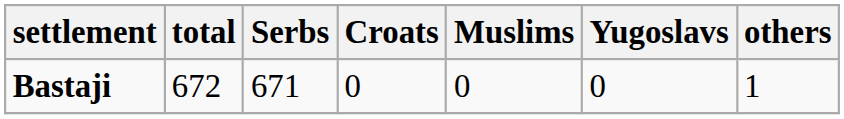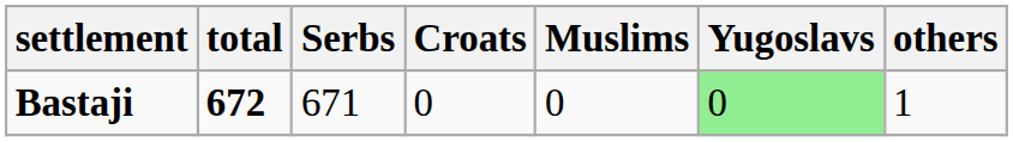 <table class="wikitable" style="font-size:95%;">
 <tr>
 <th>settlement</th>
 <th>total</th>
 <th>Serbs</th>
 <th>Croats</th>
 <th>Muslims</th>
 <th>Yugoslavs</th>
 <th>others</th>
 </tr>
 <tr>
 <td rowspan="1"><strong>Bastaji</strong></td>
-<td>672</td>
+<td><strong>672</strong></td>
 <td>671</td>
 <td>0</td>
 <td>0</td>
-<td>0</td>
+<td style="background: lightgreen;">0</td>
 <td>1</td>
 </tr>
 <tr>
 </tr>
 </table>
